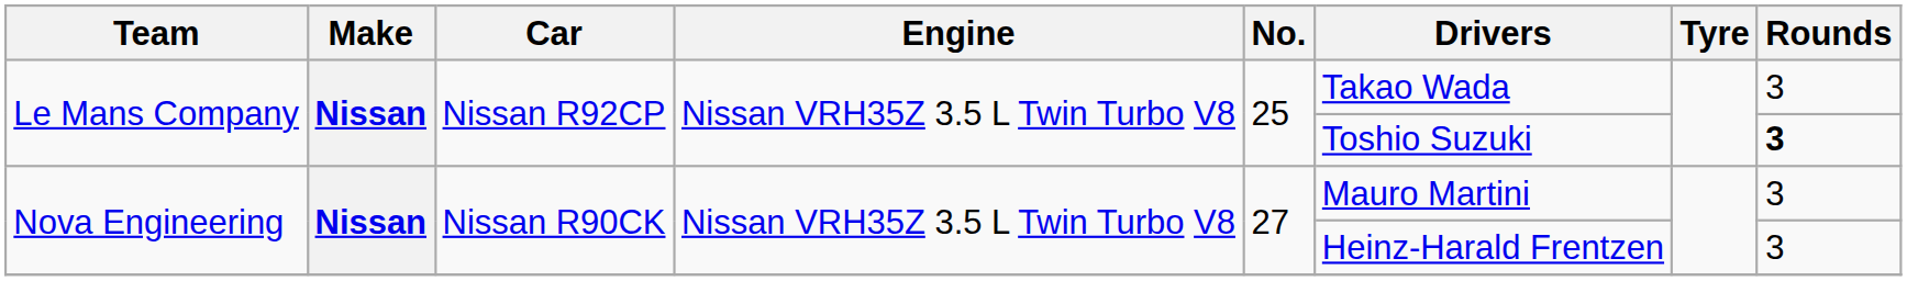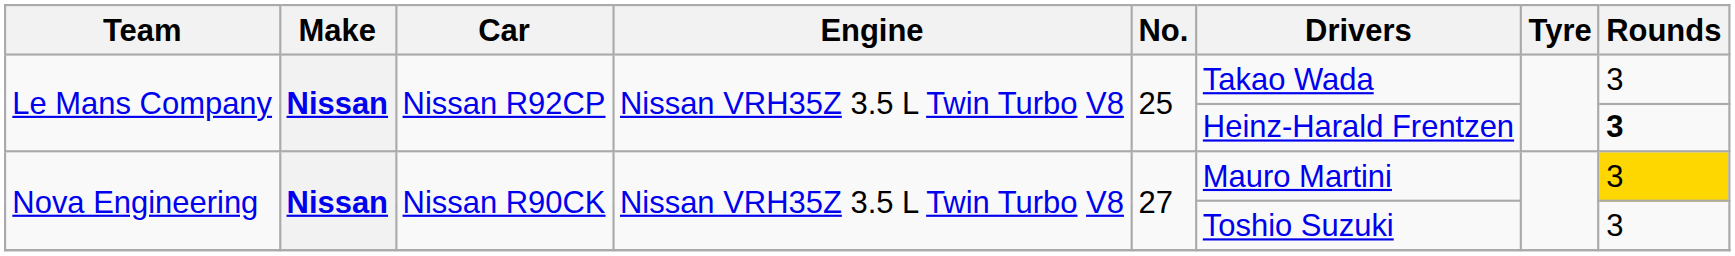 <table class="wikitable" style="font-size: 90%;">
 <tr>
 <th>Team</th>
 <th>Make</th>
 <th>Car</th>
 <th>Engine</th>
 <th>No.</th>
 <th>Drivers</th>
 <th>Tyre</th>
 <th>Rounds</th>
 </tr>
 <tr>
 <td rowspan=2><a href='#'>Le Mans Company</a></td>
 <th rowspan=2><a href='#'>Nissan</a></th>
 <td rowspan=2><a href='#'>Nissan R92CP</a></td>
 <td rowspan=2><a href='#'>Nissan VRH35Z</a> 3.5 L <a href='#'>Twin Turbo</a> <a href='#'>V8</a></td>
 <td rowspan=2>25</td>
 <td> <a href='#'>Takao Wada</a></td>
 <td rowspan=2></td>
 <td>3</td>
 </tr>
 <tr>
-<td> <a href='#'>Toshio Suzuki</a></td>
+<td> <a href='#'>Heinz-Harald Frentzen</a></td>
 <td><strong>3</strong></td>
 </tr>
 <tr>
 <td rowspan=2><a href='#'>Nova Engineering</a></td>
 <th rowspan=2><a href='#'>Nissan</a></th>
 <td rowspan=2><a href='#'>Nissan R90CK</a></td>
 <td rowspan=2><a href='#'>Nissan VRH35Z</a> 3.5 L <a href='#'>Twin Turbo</a> <a href='#'>V8</a></td>
 <td rowspan=2>27</td>
 <td> <a href='#'>Mauro Martini</a></td>
 <td rowspan=2></td>
-<td>3</td>
+<td style="background: gold;">3</td>
 </tr>
 <tr>
-<td> <a href='#'>Heinz-Harald Frentzen</a></td>
+<td> <a href='#'>Toshio Suzuki</a></td>
 <td>3</td>
 </tr>
 <tr>
 </tr>
 </table>
